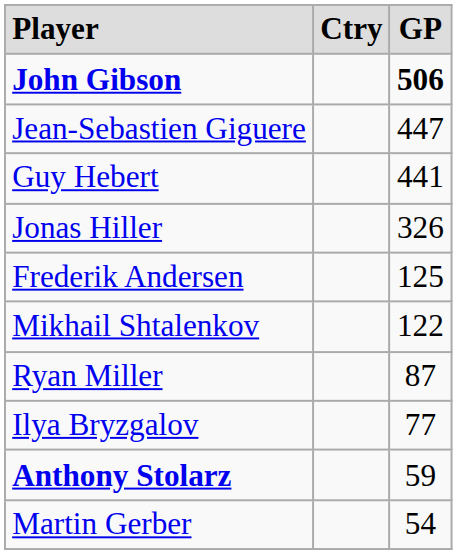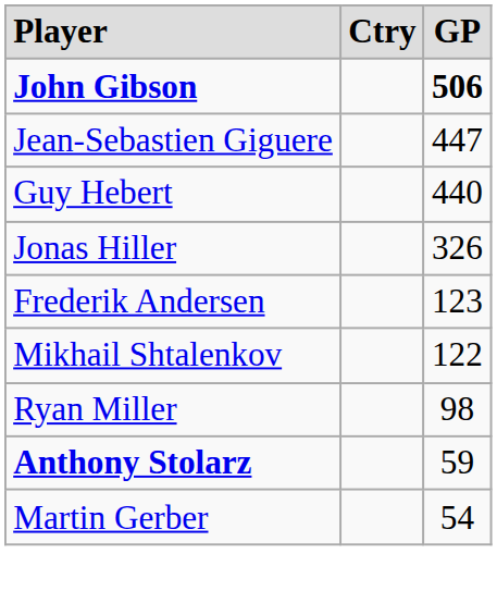 <table class="wikitable">
 <tr align="center" style="font-weight:bold; background-color:#dddddd;" |>
 <td align="left">Player</td>
 <td>Ctry</td>
 <td>GP</td>
 </tr>
 <tr align="center">
 <td align="left"><strong><a href='#'>John Gibson</a></strong></td>
 <td></td>
 <td><strong>506</strong></td>
 </tr>
 <tr align="center">
 <td align="left"><a href='#'>Jean-Sebastien Giguere</a></td>
 <td></td>
 <td>447</td>
 </tr>
 <tr align="center">
 <td align="left"><a href='#'>Guy Hebert</a></td>
 <td></td>
-<td>441</td>
+<td>440</td>
 </tr>
 <tr align="center">
 <td align="left"><a href='#'>Jonas Hiller</a></td>
 <td></td>
 <td>326</td>
 </tr>
 <tr align="center">
 <td align="left"><a href='#'>Frederik Andersen</a></td>
 <td></td>
-<td>125</td>
+<td>123</td>
 </tr>
 <tr align="center">
 <td align="left"><a href='#'>Mikhail Shtalenkov</a></td>
 <td></td>
 <td>122</td>
 </tr>
 <tr align="center">
 <td align="left"><a href='#'>Ryan Miller</a></td>
 <td></td>
-<td>87</td>
-</tr>
-<tr align="center">
-<td align="left"><a href='#'>Ilya Bryzgalov</a></td>
-<td></td>
-<td>77</td>
+<td>98</td>
 </tr>
 <tr align="center">
 <td align="left"><strong><a href='#'>Anthony Stolarz</a></strong></td>
 <td></td>
 <td>59</td>
 </tr>
 <tr align="center">
 <td align="left"><a href='#'>Martin Gerber</a></td>
 <td></td>
 <td>54</td>
 </tr>
 </table>
